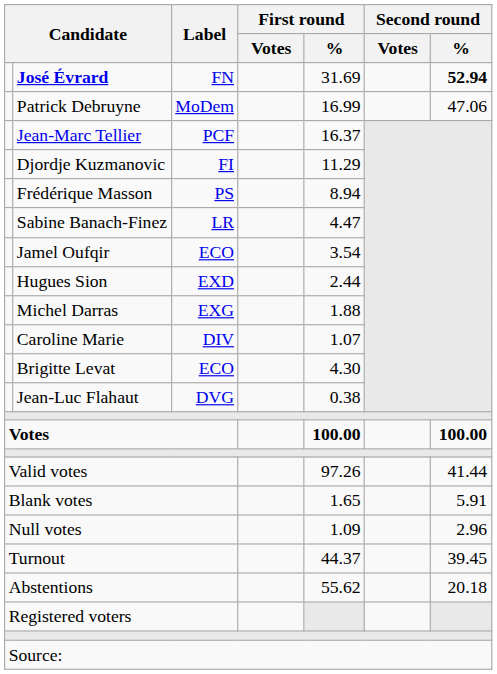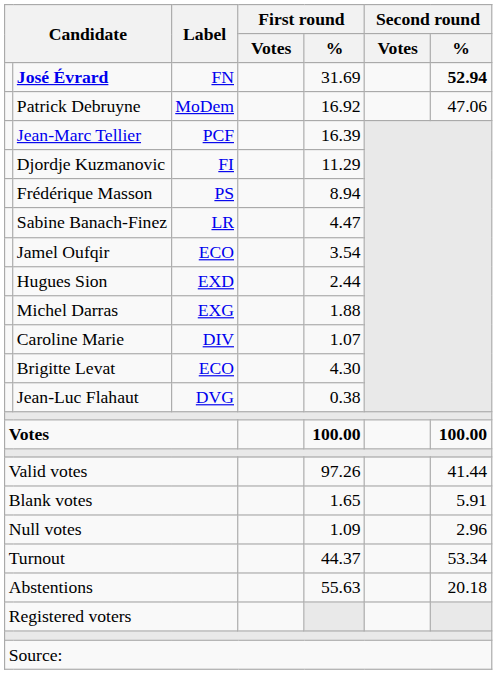 <table class="wikitable" style="text-align:right;font-size:95%;">
 <tr>
 <th rowspan="2" colspan="2">Candidate</th>
 <th rowspan="2">Label</th>
 <th colspan="2">First round</th>
 <th colspan="2">Second round</th>
 </tr>
 <tr>
 <th style="width:50px;">Votes</th>
 <th style="width:45px;">%</th>
 <th style="width:50px;">Votes</th>
 <th style="width:45px;">%</th>
 </tr>
 <tr>
 <td style="color:inherit;background:"></td>
 <td style="text-align:left;"><strong><a href='#'>José Évrard</a></strong></td>
 <td><a href='#'>FN</a></td>
 <td></td>
 <td>31.69</td>
 <td><strong></strong></td>
 <td><strong>52.94</strong></td>
 </tr>
 <tr>
 <td style="color:inherit;background:"></td>
 <td style="text-align:left;">Patrick Debruyne</td>
 <td><a href='#'>MoDem</a></td>
 <td></td>
-<td>16.99</td>
+<td>16.92</td>
 <td></td>
 <td>47.06</td>
 </tr>
 <tr>
 <td style="color:inherit;background:"></td>
 <td style="text-align:left;"><a href='#'>Jean-Marc Tellier</a></td>
 <td><a href='#'>PCF</a></td>
 <td></td>
-<td>16.37</td>
+<td>16.39</td>
 <td colspan="2" rowspan="10" style="background:#E9E9E9;"></td>
 </tr>
 <tr>
 <td style="color:inherit;background:"></td>
 <td style="text-align:left;">Djordje Kuzmanovic</td>
 <td><a href='#'>FI</a></td>
 <td></td>
 <td>11.29</td>
 </tr>
 <tr>
 <td style="color:inherit;background:"></td>
 <td style="text-align:left;">Frédérique Masson</td>
 <td><a href='#'>PS</a></td>
 <td></td>
 <td>8.94</td>
 </tr>
 <tr>
 <td style="color:inherit;background:"></td>
 <td style="text-align:left;">Sabine Banach-Finez</td>
 <td><a href='#'>LR</a></td>
 <td></td>
 <td>4.47</td>
 </tr>
 <tr>
 <td style="color:inherit;background:"></td>
 <td style="text-align:left;">Jamel Oufqir</td>
 <td><a href='#'>ECO</a></td>
 <td></td>
 <td>3.54</td>
 </tr>
 <tr>
 <td style="color:inherit;background:"></td>
 <td style="text-align:left;">Hugues Sion</td>
 <td><a href='#'>EXD</a></td>
 <td></td>
 <td>2.44</td>
 </tr>
 <tr>
 <td style="color:inherit;background:"></td>
 <td style="text-align:left;">Michel Darras</td>
 <td><a href='#'>EXG</a></td>
 <td></td>
 <td>1.88</td>
 </tr>
 <tr>
 <td style="color:inherit;background:"></td>
 <td style="text-align:left;">Caroline Marie</td>
 <td><a href='#'>DIV</a></td>
 <td></td>
 <td>1.07</td>
 </tr>
 <tr>
 <td style="color:inherit;background:"></td>
 <td style="text-align:left;">Brigitte Levat</td>
 <td><a href='#'>ECO</a></td>
 <td></td>
 <td>4.30</td>
 </tr>
 <tr>
 <td style="color:inherit;background:"></td>
 <td style="text-align:left;">Jean-Luc Flahaut</td>
 <td><a href='#'>DVG</a></td>
 <td></td>
 <td>0.38</td>
 </tr>
 <tr>
 <td colspan="7" style="background:#E9E9E9;"></td>
 </tr>
 <tr style="font-weight:bold;">
 <td colspan="3" style="text-align:left;">Votes</td>
 <td></td>
 <td>100.00</td>
 <td></td>
 <td>100.00</td>
 </tr>
 <tr>
 <td colspan="7" style="background:#E9E9E9;"></td>
 </tr>
 <tr>
 <td colspan="3" style="text-align:left;">Valid votes</td>
 <td></td>
 <td>97.26</td>
 <td></td>
 <td>41.44</td>
 </tr>
 <tr>
 <td colspan="3" style="text-align:left;">Blank votes</td>
 <td></td>
 <td>1.65</td>
 <td></td>
 <td>5.91</td>
 </tr>
 <tr>
 <td colspan="3" style="text-align:left;">Null votes</td>
 <td></td>
 <td>1.09</td>
 <td></td>
 <td>2.96</td>
 </tr>
 <tr>
 <td colspan="3" style="text-align:left;">Turnout</td>
 <td></td>
 <td>44.37</td>
 <td></td>
-<td>39.45</td>
+<td>53.34</td>
 </tr>
 <tr>
 <td colspan="3" style="text-align:left;">Abstentions</td>
 <td></td>
-<td>55.62</td>
+<td>55.63</td>
 <td></td>
 <td>20.18</td>
 </tr>
 <tr>
 <td colspan="3" style="text-align:left;">Registered voters</td>
 <td></td>
 <td style="background:#E9E9E9;"></td>
 <td></td>
 <td style="background:#E9E9E9;"></td>
 </tr>
 <tr>
 <td colspan="7" style="background:#E9E9E9;"></td>
 </tr>
 <tr>
 <td colspan="7" style="text-align:left;">Source: </td>
 </tr>
 </table>
